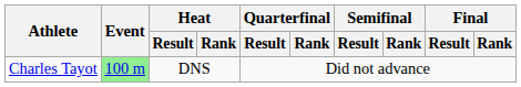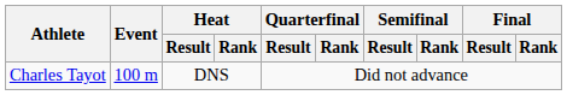 <table class="wikitable" style="font-size:90%">
 <tr>
 <th rowspan="2">Athlete</th>
 <th rowspan="2">Event</th>
 <th colspan="2">Heat</th>
 <th colspan="2">Quarterfinal</th>
 <th colspan="2">Semifinal</th>
 <th colspan="2">Final</th>
 </tr>
 <tr style="font-size:95%">
 <th>Result</th>
 <th>Rank</th>
 <th>Result</th>
 <th>Rank</th>
 <th>Result</th>
 <th>Rank</th>
 <th>Result</th>
 <th>Rank</th>
 </tr>
 <tr align=center>
 <td align=left><a href='#'>Charles Tayot</a></td>
-<td align=left style="background: lightgreen;"><a href='#'>100 m</a></td>
+<td align=left><a href='#'>100 m</a></td>
 <td colspan=2>DNS</td>
 <td colspan=6>Did not advance</td>
 </tr>
 </table>
